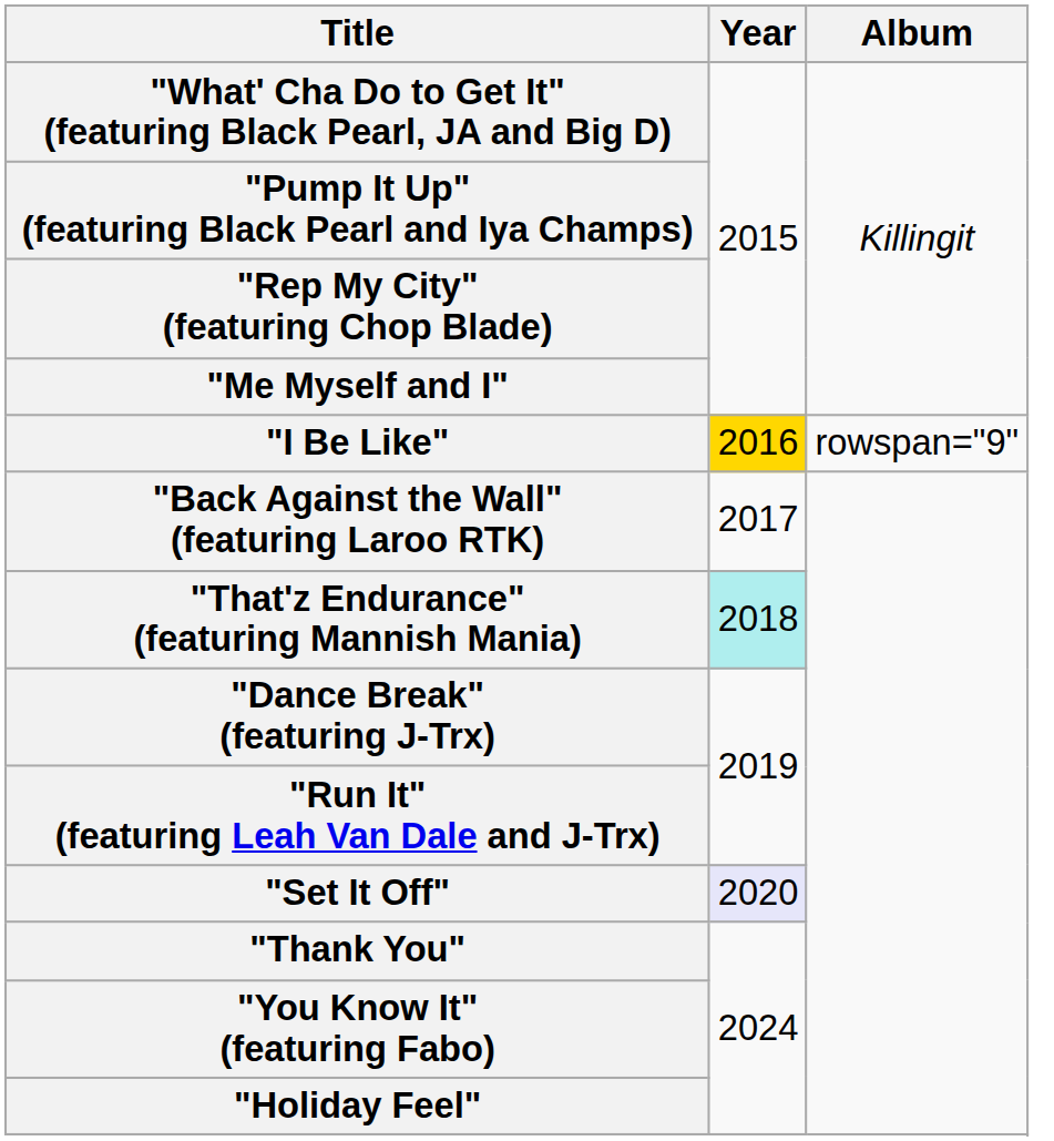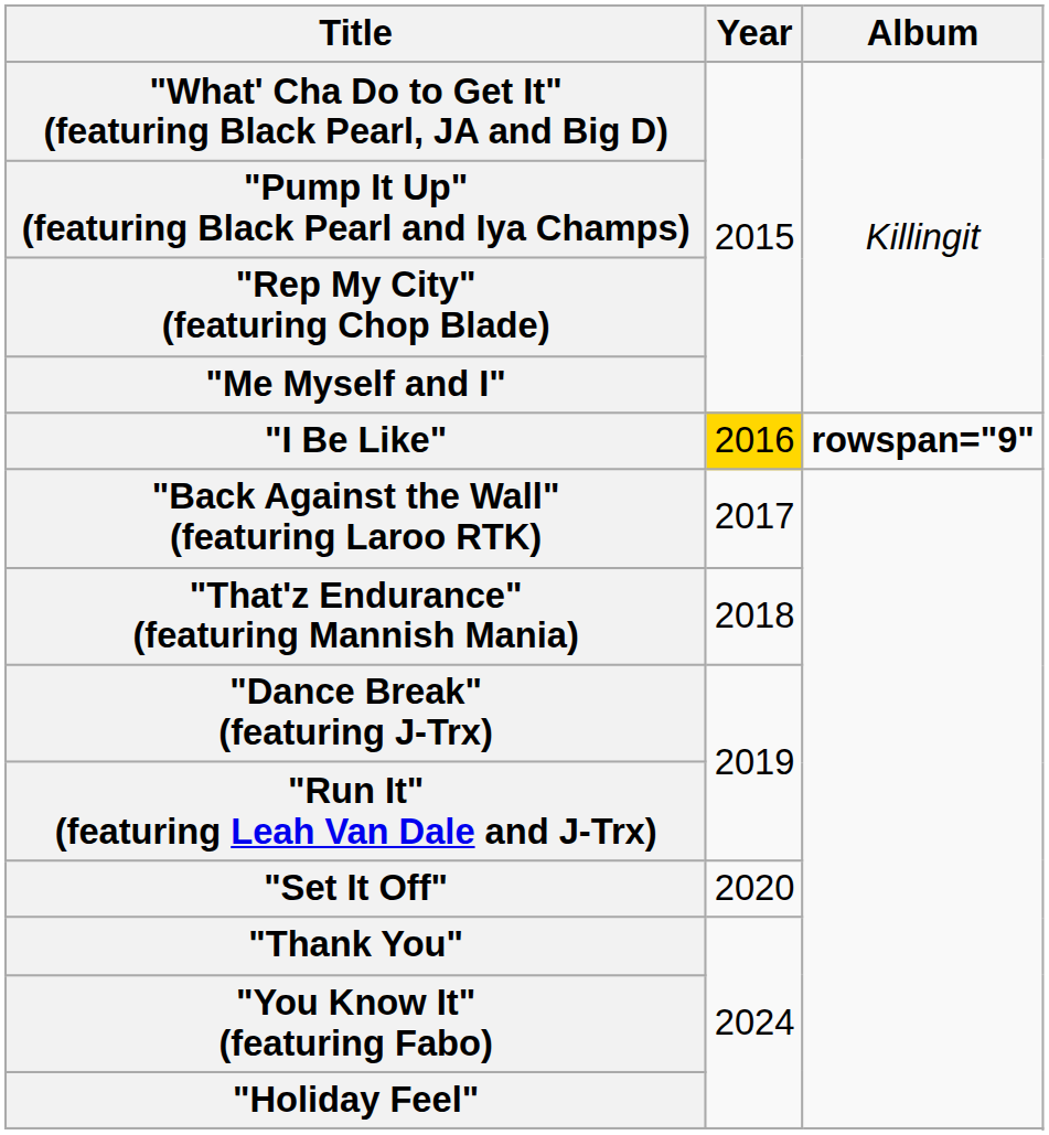 <table class="wikitable plainrowheaders" style="text-align:center;">
 <tr>
 <th scope="col" style="width:19em;">Title</th>
 <th scope="col">Year</th>
 <th scope="col">Album</th>
 </tr>
 <tr>
 <th scope="row">"What' Cha Do to Get It"<br><span>(featuring Black Pearl, JA and Big D)</span></th>
 <td rowspan="4">2015</td>
 <td rowspan="4"><em>Killingit</em></td>
 </tr>
 <tr>
 <th scope="row">"Pump It Up"<br><span>(featuring Black Pearl and Iya Champs)</span></th>
 </tr>
 <tr>
 <th scope="row">"Rep My City"<br><span>(featuring Chop Blade)</span></th>
 </tr>
 <tr>
 <th scope="row">"Me Myself and I"</th>
 </tr>
 <tr>
 <th scope="row">"I Be Like"</th>
 <td style="background: gold;">2016</td>
-<td>rowspan="9" </td>
+<td><strong>rowspan="9" </strong></td>
 </tr>
 <tr>
 <th scope="row">"Back Against the Wall"<br><span>(featuring Laroo RTK)</span></th>
 <td>2017</td>
 </tr>
 <tr>
 <th scope="row">"That'z Endurance"<br><span>(featuring Mannish Mania)</span></th>
-<td style="background: paleturquoise;">2018</td>
+<td>2018</td>
 </tr>
 <tr>
 <th scope="row">"Dance Break"<br><span>(featuring J-Trx)</span></th>
 <td rowspan="2">2019</td>
 </tr>
 <tr>
 <th scope="row">"Run It"<br><span>(featuring <a href='#'>Leah Van Dale</a> and J-Trx)</span></th>
 </tr>
 <tr>
 <th scope="row">"Set It Off"</th>
-<td style="background: lavender;">2020</td>
+<td>2020</td>
 </tr>
 <tr>
 <th scope="row">"Thank You"</th>
 <td rowspan="3">2024</td>
 </tr>
 <tr>
 <th ! scope="row">"You Know It"<br><span>(featuring Fabo)</span></th>
 </tr>
 <tr>
 <th ! scope="row">"Holiday Feel"</th>
 </tr>
 <tr>
 </tr>
 </table>
